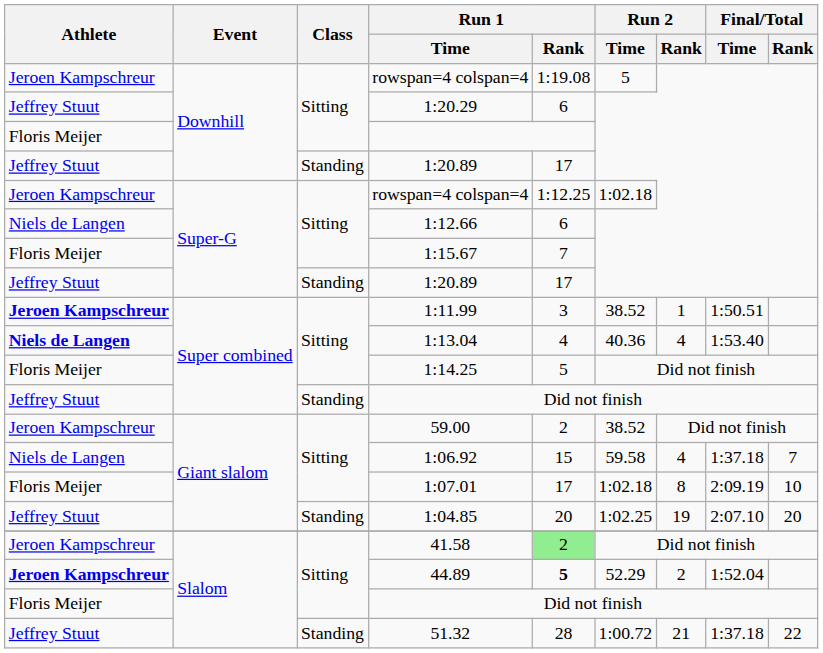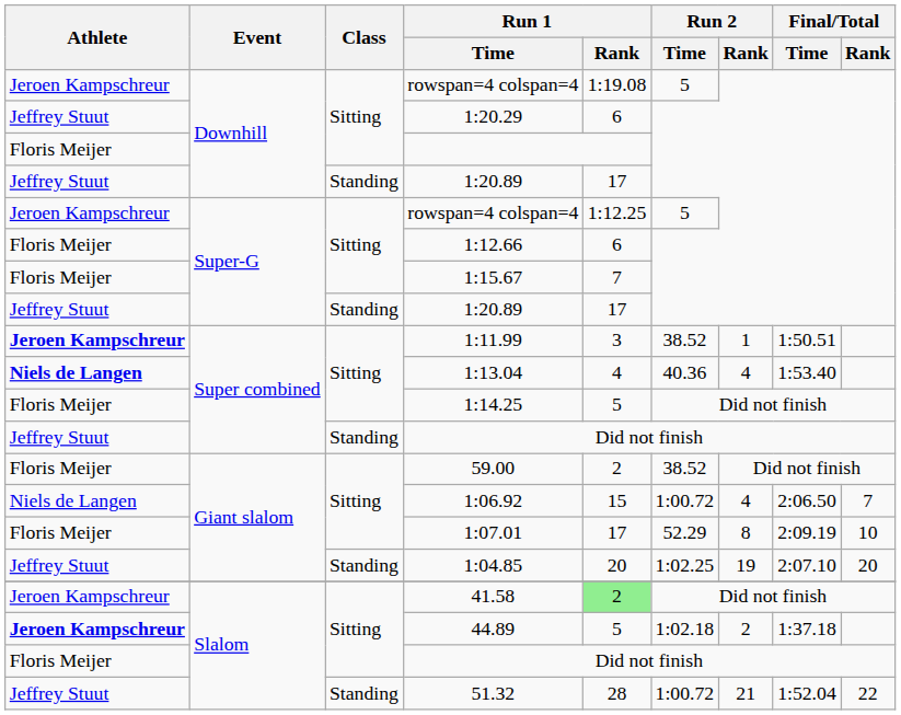 <table class="wikitable" style="font-size:90%">
 <tr>
 <th rowspan="2">Athlete</th>
 <th rowspan="2">Event</th>
 <th rowspan="2">Class</th>
 <th colspan="2">Run 1</th>
 <th colspan="2">Run 2</th>
 <th colspan="2">Final/Total</th>
 </tr>
 <tr>
 <th>Time</th>
 <th>Rank</th>
 <th>Time</th>
 <th>Rank</th>
 <th>Time</th>
 <th>Rank</th>
 </tr>
 <tr align=center>
 <td align=left><a href='#'>Jeroen Kampschreur</a></td>
 <td align=left rowspan=4><a href='#'>Downhill</a></td>
 <td align=left rowspan=3>Sitting</td>
 <td>rowspan=4 colspan=4 </td>
 <td>1:19.08</td>
 <td>5</td>
 </tr>
 <tr align=center>
 <td align=left><a href='#'>Jeffrey Stuut</a></td>
 <td>1:20.29</td>
 <td>6</td>
 </tr>
 <tr align=center>
 <td align=left>Floris Meijer</td>
 <td colspan=2></td>
 </tr>
 <tr align=center>
 <td align=left><a href='#'>Jeffrey Stuut</a></td>
 <td align=left>Standing</td>
 <td>1:20.89</td>
 <td>17</td>
 </tr>
 <tr align=center>
 <td align=left><a href='#'>Jeroen Kampschreur</a></td>
 <td align=left rowspan=4><a href='#'>Super-G</a></td>
 <td align=left rowspan=3>Sitting</td>
 <td>rowspan=4 colspan=4 </td>
 <td>1:12.25</td>
-<td>1:02.18</td>
+<td>5</td>
 </tr>
 <tr align=center>
-<td align=left><a href='#'>Niels de Langen</a></td>
+<td align=left>Floris Meijer</td>
 <td>1:12.66</td>
 <td>6</td>
 </tr>
 <tr align=center>
 <td align=left>Floris Meijer</td>
 <td>1:15.67</td>
 <td>7</td>
 </tr>
 <tr align=center>
 <td align=left><a href='#'>Jeffrey Stuut</a></td>
 <td align=left>Standing</td>
 <td>1:20.89</td>
 <td>17</td>
 </tr>
 <tr align=center>
 <td align=left><strong><a href='#'>Jeroen Kampschreur</a></strong></td>
 <td align=left rowspan=4><a href='#'>Super combined</a></td>
 <td align=left rowspan=3>Sitting</td>
 <td>1:11.99</td>
 <td>3</td>
 <td>38.52</td>
 <td>1</td>
 <td>1:50.51</td>
 <td></td>
 </tr>
 <tr align=center>
 <td align=left><strong><a href='#'>Niels de Langen</a></strong></td>
 <td>1:13.04</td>
 <td>4</td>
 <td>40.36</td>
 <td>4</td>
 <td>1:53.40</td>
 <td></td>
 </tr>
 <tr align=center>
 <td align=left>Floris Meijer</td>
 <td>1:14.25</td>
 <td>5</td>
 <td colspan=6>Did not finish</td>
 </tr>
 <tr align=center>
 <td align=left><a href='#'>Jeffrey Stuut</a></td>
 <td align=left>Standing</td>
 <td colspan=8>Did not finish</td>
 </tr>
 <tr align=center>
-<td align=left><a href='#'>Jeroen Kampschreur</a></td>
+<td align=left>Floris Meijer</td>
 <td align=left rowspan=4><a href='#'>Giant slalom</a></td>
 <td align=left rowspan=3>Sitting</td>
 <td>59.00</td>
 <td>2</td>
 <td>38.52</td>
 <td colspan=6>Did not finish</td>
 </tr>
 <tr align=center>
 <td align=left><a href='#'>Niels de Langen</a></td>
 <td>1:06.92</td>
 <td>15</td>
-<td>59.58</td>
+<td>1:00.72</td>
 <td>4</td>
-<td>1:37.18</td>
+<td>2:06.50</td>
 <td>7</td>
 </tr>
 <tr align=center>
 <td align=left>Floris Meijer</td>
 <td>1:07.01</td>
 <td>17</td>
-<td>1:02.18</td>
+<td>52.29</td>
 <td>8</td>
 <td>2:09.19</td>
 <td>10</td>
 </tr>
 <tr align=center>
 <td align=left><a href='#'>Jeffrey Stuut</a></td>
 <td align=left>Standing</td>
 <td>1:04.85</td>
 <td>20</td>
 <td>1:02.25</td>
 <td>19</td>
 <td>2:07.10</td>
 <td>20</td>
 </tr>
 <tr>
 </tr>
 <tr align=center>
 <td align=left><a href='#'>Jeroen Kampschreur</a></td>
 <td align=left rowspan=4><a href='#'>Slalom</a></td>
 <td align=left rowspan=3>Sitting</td>
 <td>41.58</td>
 <td style="background: lightgreen;">2</td>
 <td colspan=6>Did not finish</td>
 </tr>
 <tr align=center>
 <td align=left><strong><a href='#'>Jeroen Kampschreur</a></strong></td>
 <td>44.89</td>
-<td><strong>5</strong></td>
-<td>52.29</td>
+<td>5</td>
+<td>1:02.18</td>
 <td>2</td>
-<td>1:52.04</td>
+<td>1:37.18</td>
 <td></td>
 </tr>
 <tr align=center>
 <td align=left>Floris Meijer</td>
 <td colspan=8>Did not finish</td>
 </tr>
 <tr align=center>
 <td align=left><a href='#'>Jeffrey Stuut</a></td>
 <td align=left>Standing</td>
 <td>51.32</td>
 <td>28</td>
 <td>1:00.72</td>
 <td>21</td>
-<td>1:37.18</td>
+<td>1:52.04</td>
 <td>22</td>
 </tr>
 </table>
